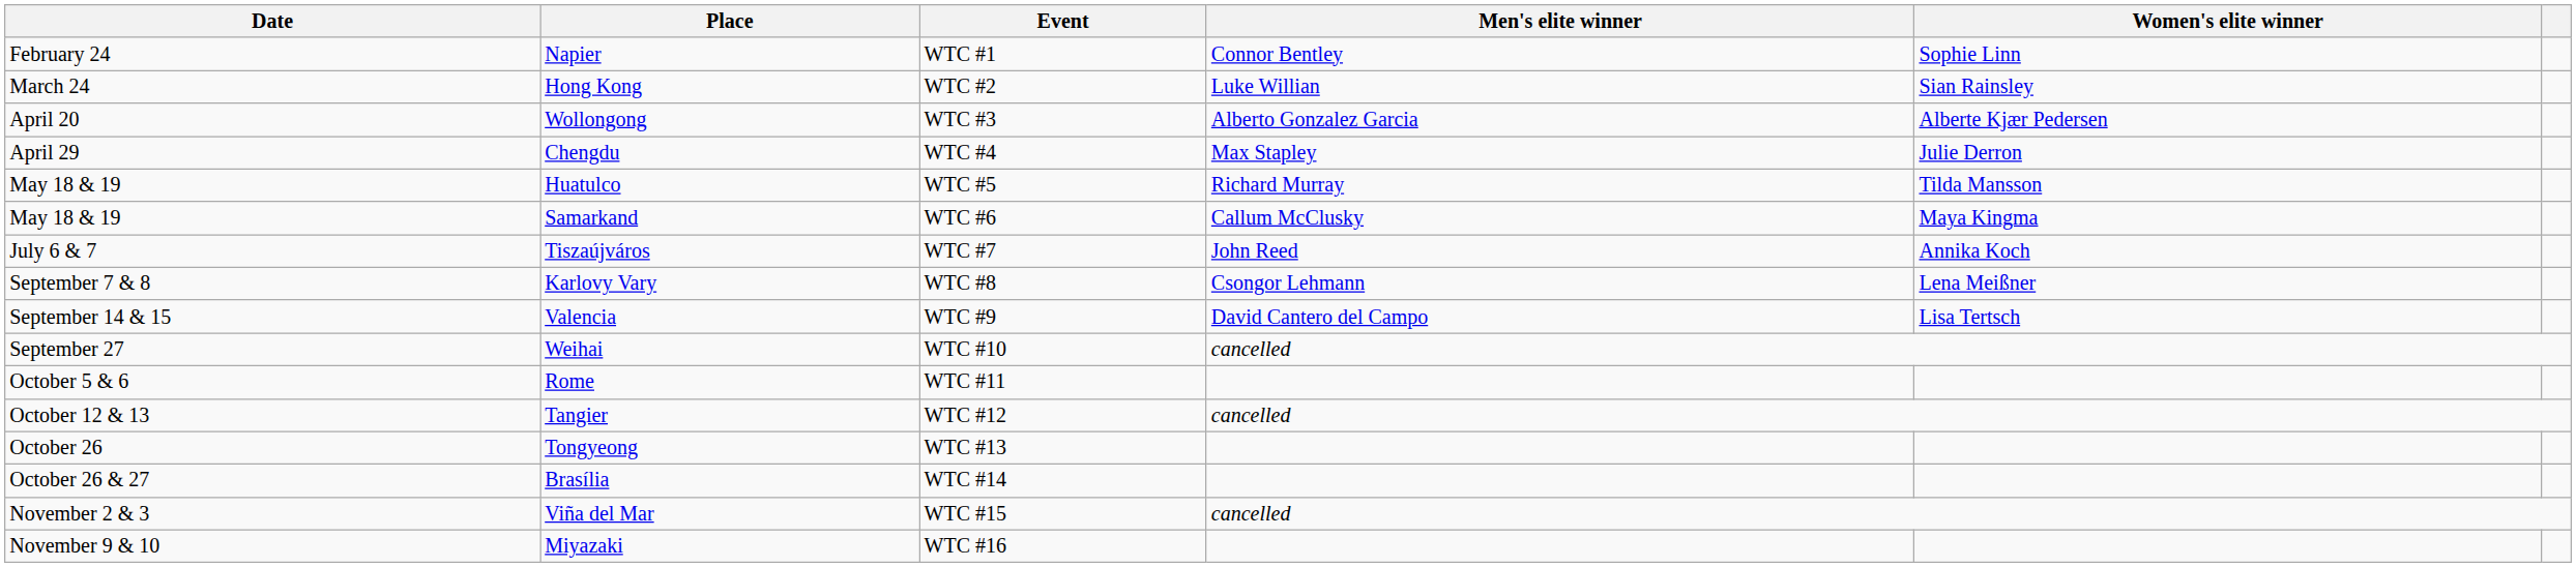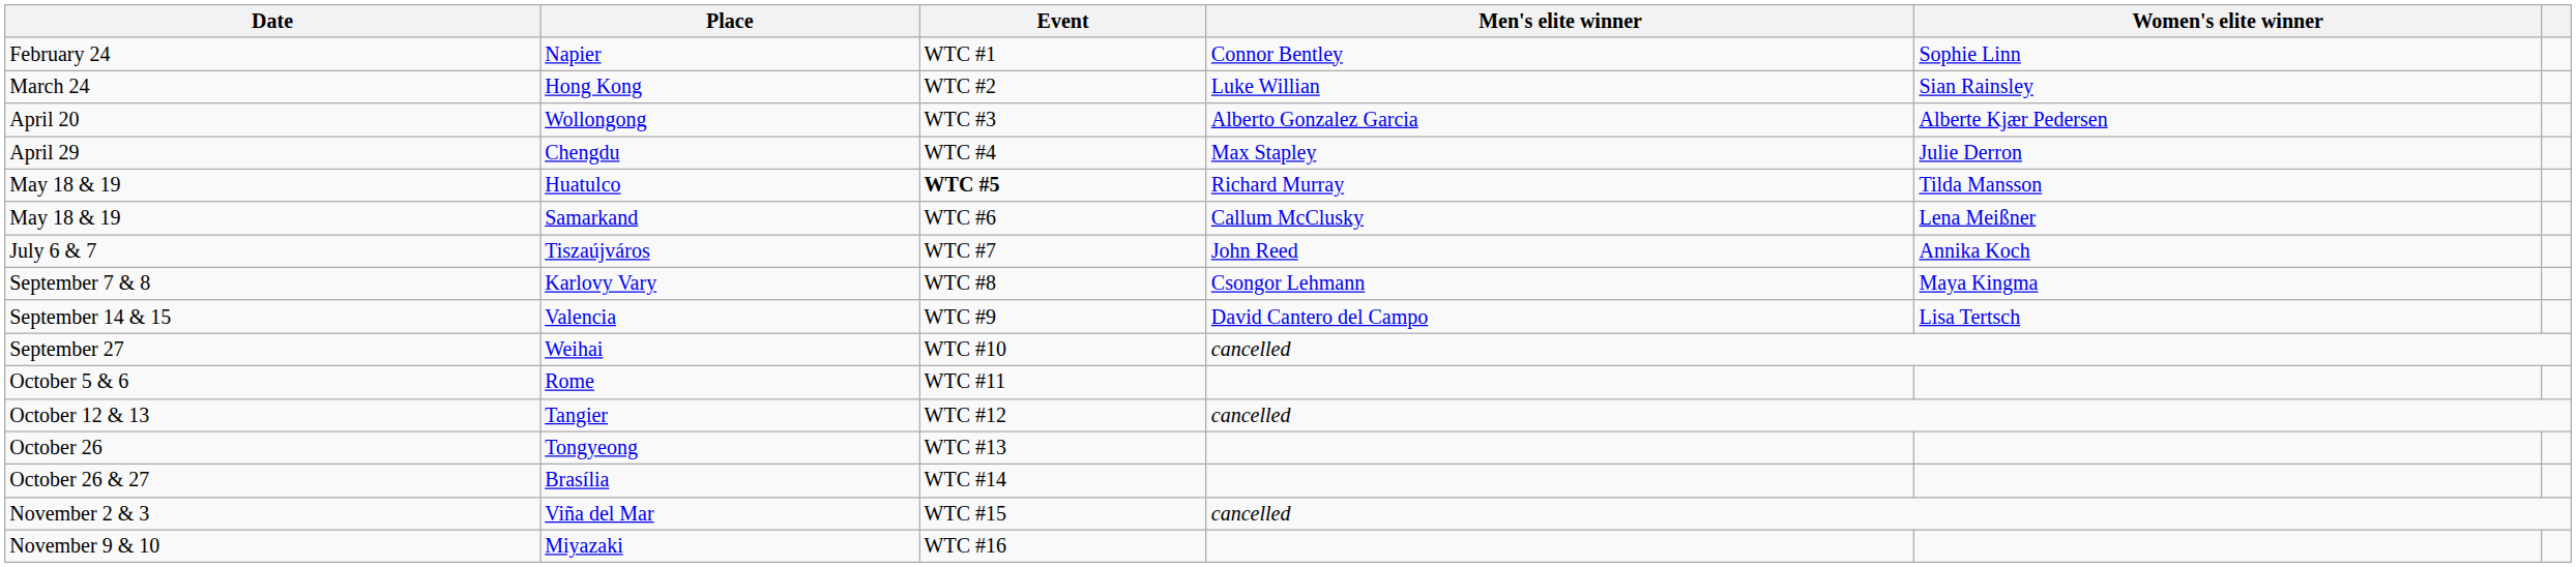 <table class="wikitable sortable" style="font-size: 100%" width="100%">
 <tr>
 <th>Date</th>
 <th>Place</th>
 <th>Event</th>
 <th>Men's elite winner</th>
 <th>Women's elite winner</th>
 <th></th>
 </tr>
 <tr>
 <td>February 24</td>
 <td> <a href='#'>Napier</a></td>
 <td>WTC #1</td>
 <td> <a href='#'>Connor Bentley</a></td>
 <td> <a href='#'>Sophie Linn</a></td>
 <td></td>
 </tr>
 <tr>
 <td>March 24</td>
 <td> <a href='#'>Hong Kong</a></td>
 <td>WTC #2</td>
 <td> <a href='#'>Luke Willian</a></td>
 <td> <a href='#'>Sian Rainsley</a></td>
 <td></td>
 </tr>
 <tr>
 <td>April 20</td>
 <td> <a href='#'>Wollongong</a></td>
 <td>WTC #3</td>
 <td> <a href='#'>Alberto Gonzalez Garcia</a></td>
 <td> <a href='#'>Alberte Kjær Pedersen</a></td>
 <td></td>
 </tr>
 <tr>
 <td>April 29</td>
 <td> <a href='#'>Chengdu</a></td>
 <td>WTC #4</td>
 <td> <a href='#'>Max Stapley</a></td>
 <td> <a href='#'>Julie Derron</a></td>
 <td></td>
 </tr>
 <tr>
 <td>May 18 & 19</td>
 <td> <a href='#'>Huatulco</a></td>
-<td>WTC #5</td>
+<td><strong>WTC #5</strong></td>
 <td> <a href='#'>Richard Murray</a></td>
 <td> <a href='#'>Tilda Mansson</a></td>
 <td></td>
 </tr>
 <tr>
 <td>May 18 & 19</td>
 <td> <a href='#'>Samarkand</a></td>
 <td>WTC #6</td>
 <td> <a href='#'>Callum McClusky</a></td>
-<td> <a href='#'>Maya Kingma</a></td>
+<td> <a href='#'>Lena Meißner</a></td>
 <td></td>
 </tr>
 <tr>
 <td>July 6 & 7</td>
 <td> <a href='#'>Tiszaújváros</a></td>
 <td>WTC #7</td>
 <td> <a href='#'>John Reed</a></td>
 <td> <a href='#'>Annika Koch</a></td>
 <td></td>
 </tr>
 <tr>
 <td>September 7 & 8</td>
 <td> <a href='#'>Karlovy Vary</a></td>
 <td>WTC #8</td>
 <td> <a href='#'>Csongor Lehmann</a></td>
-<td> <a href='#'>Lena Meißner</a></td>
+<td> <a href='#'>Maya Kingma</a></td>
 <td></td>
 </tr>
 <tr>
 <td>September 14 & 15</td>
 <td> <a href='#'>Valencia</a></td>
 <td>WTC #9</td>
 <td> <a href='#'>David Cantero del Campo</a></td>
 <td> <a href='#'>Lisa Tertsch</a></td>
 <td></td>
 </tr>
 <tr>
 <td>September 27</td>
 <td> <a href='#'>Weihai</a></td>
 <td>WTC #10</td>
 <td colspan="3"><em>cancelled</em></td>
 </tr>
 <tr>
 <td>October 5 & 6</td>
 <td> <a href='#'>Rome</a></td>
 <td>WTC #11</td>
 <td></td>
 <td></td>
 <td></td>
 </tr>
 <tr>
 <td>October 12 & 13</td>
 <td> <a href='#'>Tangier</a></td>
 <td>WTC #12</td>
 <td colspan="3"><em>cancelled</em></td>
 </tr>
 <tr>
 <td>October 26</td>
 <td> <a href='#'>Tongyeong</a></td>
 <td>WTC #13</td>
 <td></td>
 <td></td>
 <td></td>
 </tr>
 <tr>
 <td>October 26 & 27</td>
 <td> <a href='#'>Brasília</a></td>
 <td>WTC #14</td>
 <td></td>
 <td></td>
 <td></td>
 </tr>
 <tr>
 <td>November 2 & 3</td>
 <td> <a href='#'>Viña del Mar</a></td>
 <td>WTC #15</td>
 <td colspan="3"><em>cancelled</em></td>
 </tr>
 <tr>
 <td>November 9 & 10</td>
 <td> <a href='#'>Miyazaki</a></td>
 <td>WTC #16</td>
 <td></td>
 <td></td>
 <td></td>
 </tr>
 </table>
